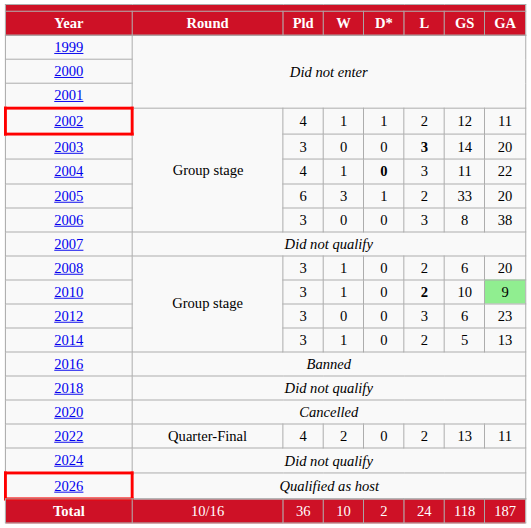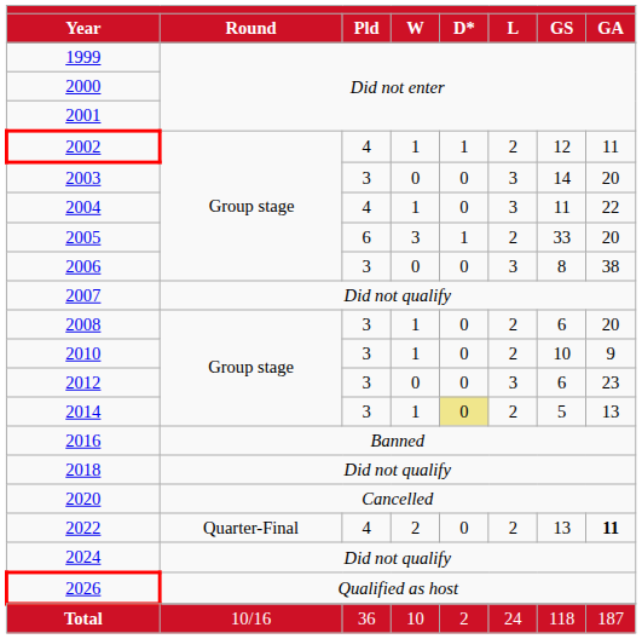 <table class="wikitable" style="text-align: center;font-size:95%;">
 <tr>
 <th colspan=9 style="background: #CE1126; color: #FFFFFF;"><a href='#'></a></th>
 </tr>
 <tr style="color:white;">
 <th style="background:#CE1126;" width=125>Year</th>
 <th style="background:#CE1126;" width=150>Round</th>
 <th style="background:#CE1126;" width=35>Pld</th>
 <th style="background:#CE1126;" width=35>W</th>
 <th style="background:#CE1126;" width=35>D*</th>
 <th style="background:#CE1126;" width=35>L</th>
 <th style="background:#CE1126;" width=35>GS</th>
 <th style="background:#CE1126;" width=35>GA</th>
 </tr>
 <tr>
 </tr>
 <tr>
 <td> <a href='#'>1999</a></td>
 <td colspan=8 rowspan=3><em>Did not enter</em></td>
 </tr>
 <tr>
 <td> <a href='#'>2000</a></td>
 </tr>
 <tr>
 <td> <a href='#'>2001</a></td>
 </tr>
 <tr>
 <td style="border: 3px solid red"> <a href='#'>2002</a></td>
 <td rowspan="5">Group stage</td>
 <td>4</td>
 <td>1</td>
 <td>1</td>
 <td>2</td>
 <td>12</td>
 <td>11</td>
 </tr>
 <tr>
 <td> <a href='#'>2003</a></td>
 <td>3</td>
 <td>0</td>
 <td>0</td>
-<td><strong>3</strong></td>
+<td>3</td>
 <td>14</td>
 <td>20</td>
 </tr>
 <tr>
 <td> <a href='#'>2004</a></td>
 <td>4</td>
 <td>1</td>
-<td><strong>0</strong></td>
+<td>0</td>
 <td>3</td>
 <td>11</td>
 <td>22</td>
 </tr>
 <tr>
 <td> <a href='#'>2005</a></td>
 <td>6</td>
 <td>3</td>
 <td>1</td>
 <td>2</td>
 <td>33</td>
 <td>20</td>
 </tr>
 <tr>
 <td> <a href='#'>2006</a></td>
 <td>3</td>
 <td>0</td>
 <td>0</td>
 <td>3</td>
 <td>8</td>
 <td>38</td>
 </tr>
 <tr>
 <td> <a href='#'>2007</a></td>
 <td colspan=10><em>Did not qualify</em></td>
 </tr>
 <tr>
 <td> <a href='#'>2008</a></td>
 <td rowspan="4">Group stage</td>
 <td>3</td>
 <td>1</td>
 <td>0</td>
 <td>2</td>
 <td>6</td>
 <td>20</td>
 </tr>
 <tr>
 <td> <a href='#'>2010</a></td>
 <td>3</td>
 <td>1</td>
 <td>0</td>
-<td><strong>2</strong></td>
+<td>2</td>
 <td>10</td>
-<td style="background: lightgreen;">9</td>
+<td>9</td>
 </tr>
 <tr>
 <td> <a href='#'>2012</a></td>
 <td>3</td>
 <td>0</td>
 <td>0</td>
 <td>3</td>
 <td>6</td>
 <td>23</td>
 </tr>
 <tr>
 <td> <a href='#'>2014</a></td>
 <td>3</td>
 <td>1</td>
-<td>0</td>
+<td style="background: khaki;">0</td>
 <td>2</td>
 <td>5</td>
 <td>13</td>
 </tr>
 <tr>
 <td> <a href='#'>2016</a></td>
 <td colspan=9><em>Banned</em></td>
 </tr>
 <tr>
 <td> <a href='#'>2018</a></td>
 <td colspan=8><em>Did not qualify</em></td>
 </tr>
 <tr>
 <td> <a href='#'>2020</a></td>
 <td colspan=8><em>Cancelled</em></td>
 </tr>
 <tr>
 <td> <a href='#'>2022</a></td>
 <td>Quarter-Final</td>
 <td>4</td>
 <td>2</td>
 <td>0</td>
 <td>2</td>
 <td>13</td>
-<td>11</td>
+<td><strong>11</strong></td>
 </tr>
 <tr>
 <td> <a href='#'>2024</a></td>
 <td colspan=8><em>Did not qualify</em></td>
 </tr>
 <tr>
 <td style="border: 3px solid red"> <a href='#'>2026</a></td>
 <td colspan=8><em>Qualified as host</em></td>
 </tr>
 <tr>
 </tr>
 <tr bgcolor="#CE1126" style="color:white;">
 <td><strong>Total</strong></td>
 <td>10/16</td>
 <td>36</td>
 <td>10</td>
 <td>2</td>
 <td>24</td>
 <td>118</td>
 <td>187</td>
 </tr>
 </table>
